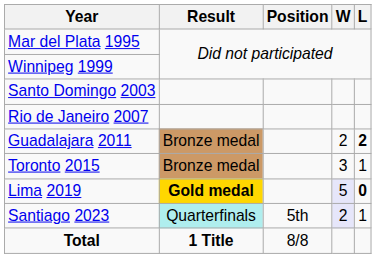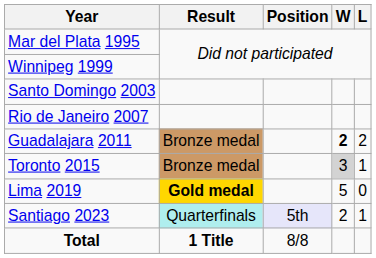 <table class="wikitable" style="text-align: center;">
 <tr>
 <th>Year</th>
 <th>Result</th>
 <th>Position</th>
 <th>W</th>
 <th>L</th>
 </tr>
 <tr>
 <td align="left"> <a href='#'>Mar del Plata</a> <a href='#'>1995</a></td>
 <td rowspan="2" colspan="4" align="center"><em>Did not participated</em></td>
 </tr>
 <tr>
 <td align="left"> <a href='#'>Winnipeg</a> <a href='#'>1999</a></td>
 </tr>
 <tr>
 <td align="left"> <a href='#'>Santo Domingo</a> <a href='#'>2003</a></td>
 <td></td>
 <td></td>
 <td></td>
 <td></td>
 </tr>
 <tr>
 <td align="left"> <a href='#'>Rio de Janeiro</a> <a href='#'>2007</a></td>
 <td></td>
 <td></td>
 <td></td>
 <td></td>
 </tr>
 <tr>
 <td align="left"> <a href='#'>Guadalajara</a> <a href='#'>2011</a></td>
 <td style="background:#c96;">Bronze medal</td>
 <td></td>
+<td><strong>2</strong></td>
 <td>2</td>
-<td><strong>2</strong></td>
 </tr>
 <tr>
 <td align="left"> <a href='#'>Toronto</a> <a href='#'>2015</a></td>
 <td style="background:#c96;">Bronze medal</td>
 <td></td>
-<td>3</td>
+<td style="background: lightgrey;">3</td>
 <td>1</td>
 </tr>
 <tr>
 <td align="left"> <a href='#'>Lima</a> <a href='#'>2019</a></td>
 <td style="background:gold;"><strong>Gold medal</strong></td>
 <td></td>
-<td style="background: lavender;">5</td>
-<td><strong>0</strong></td>
+<td>5</td>
+<td>0</td>
 </tr>
 <tr>
 <td align="left"> <a href='#'>Santiago</a> <a href='#'>2023</a></td>
 <td style="background: paleturquoise;">Quarterfinals</td>
-<td>5th</td>
-<td style="background: lavender;">2</td>
+<td style="background: lavender;">5th</td>
+<td>2</td>
 <td>1</td>
 </tr>
 <tr>
 <td><strong>Total</strong></td>
 <td><strong>1 Title</strong></td>
 <td>8/8</td>
 <td></td>
 <td></td>
 </tr>
 </table>
